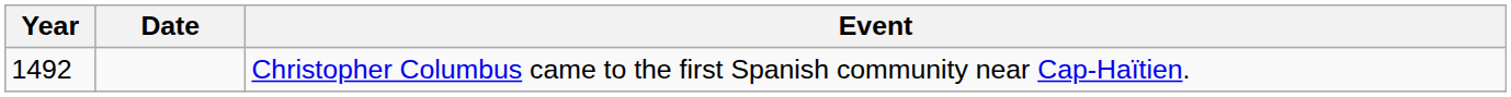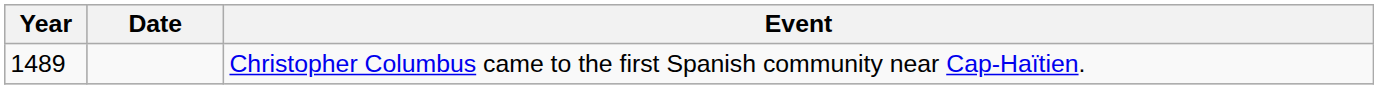 <table class="wikitable" width="100%">
 <tr>
 <th style="width:6%">Year</th>
 <th style="width:10%">Date</th>
 <th>Event</th>
 </tr>
 <tr>
-<td>1492</td>
+<td>1489</td>
 <td></td>
 <td><a href='#'>Christopher Columbus</a> came to the first Spanish community near <a href='#'>Cap-Haïtien</a>.</td>
 </tr>
 </table>
